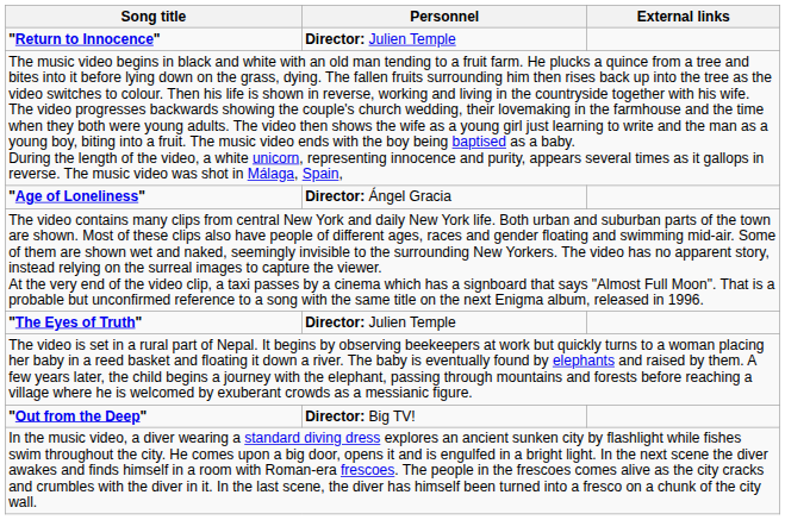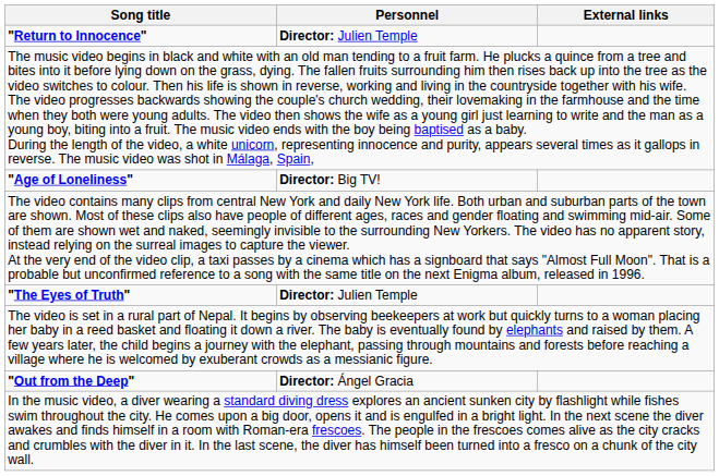 <table class="wikitable">
 <tr>
 <th>Song title</th>
 <th>Personnel</th>
 <th>External links</th>
 </tr>
 <tr>
 <td><strong>"<a href='#'>Return to Innocence</a>"</strong></td>
 <td><strong>Director:</strong> <a href='#'>Julien Temple</a></td>
 <td></td>
 </tr>
 <tr>
 <td colspan="6">The music video begins in black and white with an old man tending to a fruit farm. He plucks a quince from a tree and bites into it before lying down on the grass, dying. The fallen fruits surrounding him then rises back up into the tree as the video switches to colour. Then his life is shown in reverse, working and living in the countryside together with his wife.<br>The video progresses backwards showing the couple's church wedding, their lovemaking in the farmhouse and the time when they both were young adults. The video then shows the wife as a young girl just learning to write and the man as a young boy, biting into a fruit. The music video ends with the boy being <a href='#'>baptised</a> as a baby.<br>During the length of the video, a white <a href='#'>unicorn</a>, representing innocence and purity, appears several times as it gallops in reverse. The music video was shot in <a href='#'>Málaga</a>, <a href='#'>Spain</a>,</td>
 </tr>
 <tr>
 <td><strong>"<a href='#'>Age of Loneliness</a>"</strong></td>
-<td><strong>Director:</strong> Ángel Gracia</td>
+<td><strong>Director:</strong> Big TV!</td>
 <td></td>
 </tr>
 <tr>
 <td colspan="6">The video contains many clips from central New York and daily New York life. Both urban and suburban parts of the town are shown. Most of these clips also have people of different ages, races and gender floating and swimming mid-air. Some of them are shown wet and naked, seemingly invisible to the surrounding New Yorkers. The video has no apparent story, instead relying on the surreal images to capture the viewer.<br>At the very end of the video clip, a taxi passes by a cinema which has a signboard that says "Almost Full Moon". That is a probable but unconfirmed reference to a song with the same title on the next Enigma album, released in 1996.</td>
 </tr>
 <tr>
 <td><strong>"<a href='#'>The Eyes of Truth</a>"</strong></td>
 <td><strong>Director:</strong> Julien Temple</td>
 <td></td>
 </tr>
 <tr>
 <td colspan="6">The video is set in a rural part of Nepal. It begins by observing beekeepers at work but quickly turns to a woman placing her baby in a reed basket and floating it down a river. The baby is eventually found by <a href='#'>elephants</a> and raised by them. A few years later, the child begins a journey with the elephant, passing through mountains and forests before reaching a village where he is welcomed by exuberant crowds as a messianic figure.</td>
 </tr>
 <tr>
 <td><strong>"<a href='#'>Out from the Deep</a>"</strong></td>
-<td><strong>Director:</strong> Big TV!</td>
+<td><strong>Director:</strong> Ángel Gracia</td>
 <td></td>
 </tr>
 <tr>
 <td colspan="6">In the music video, a diver wearing a <a href='#'>standard diving dress</a> explores an ancient sunken city by flashlight while fishes swim throughout the city. He comes upon a big door, opens it and is engulfed in a bright light. In the next scene the diver awakes and finds himself in a room with Roman-era <a href='#'>frescoes</a>. The people in the frescoes comes alive as the city cracks and crumbles with the diver in it. In the last scene, the diver has himself been turned into a fresco on a chunk of the city wall.</td>
 </tr>
 </table>
